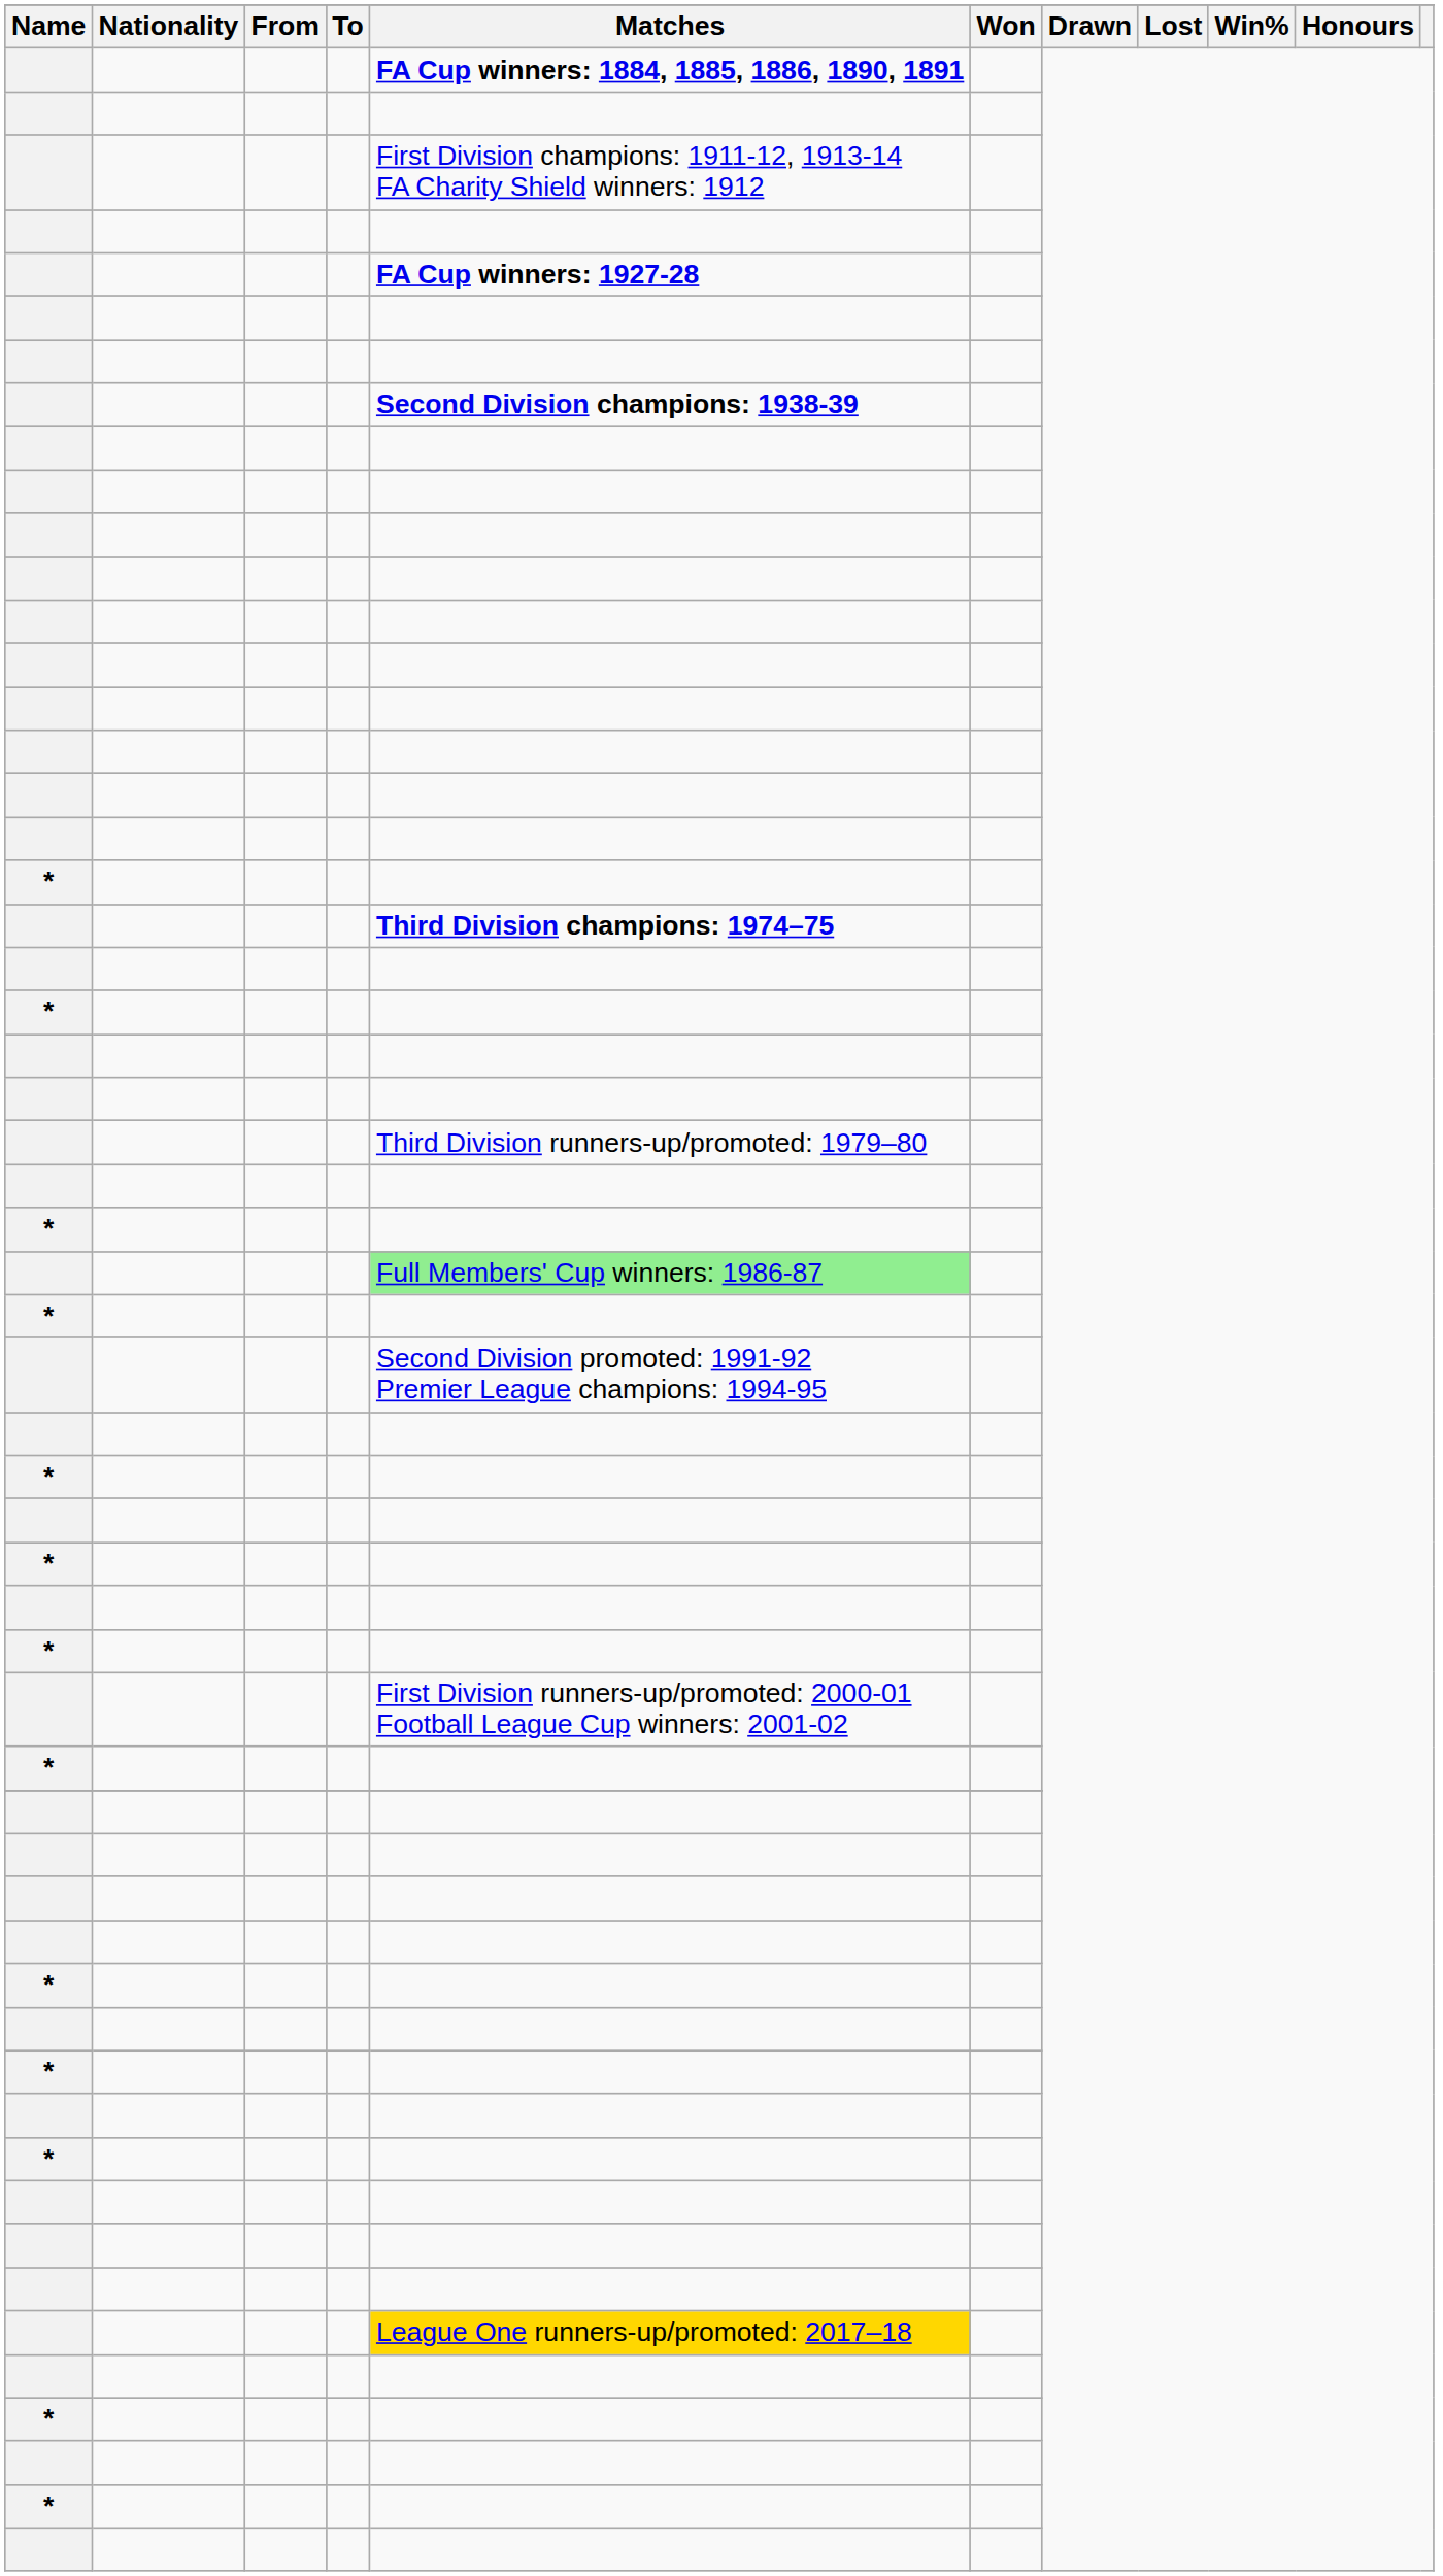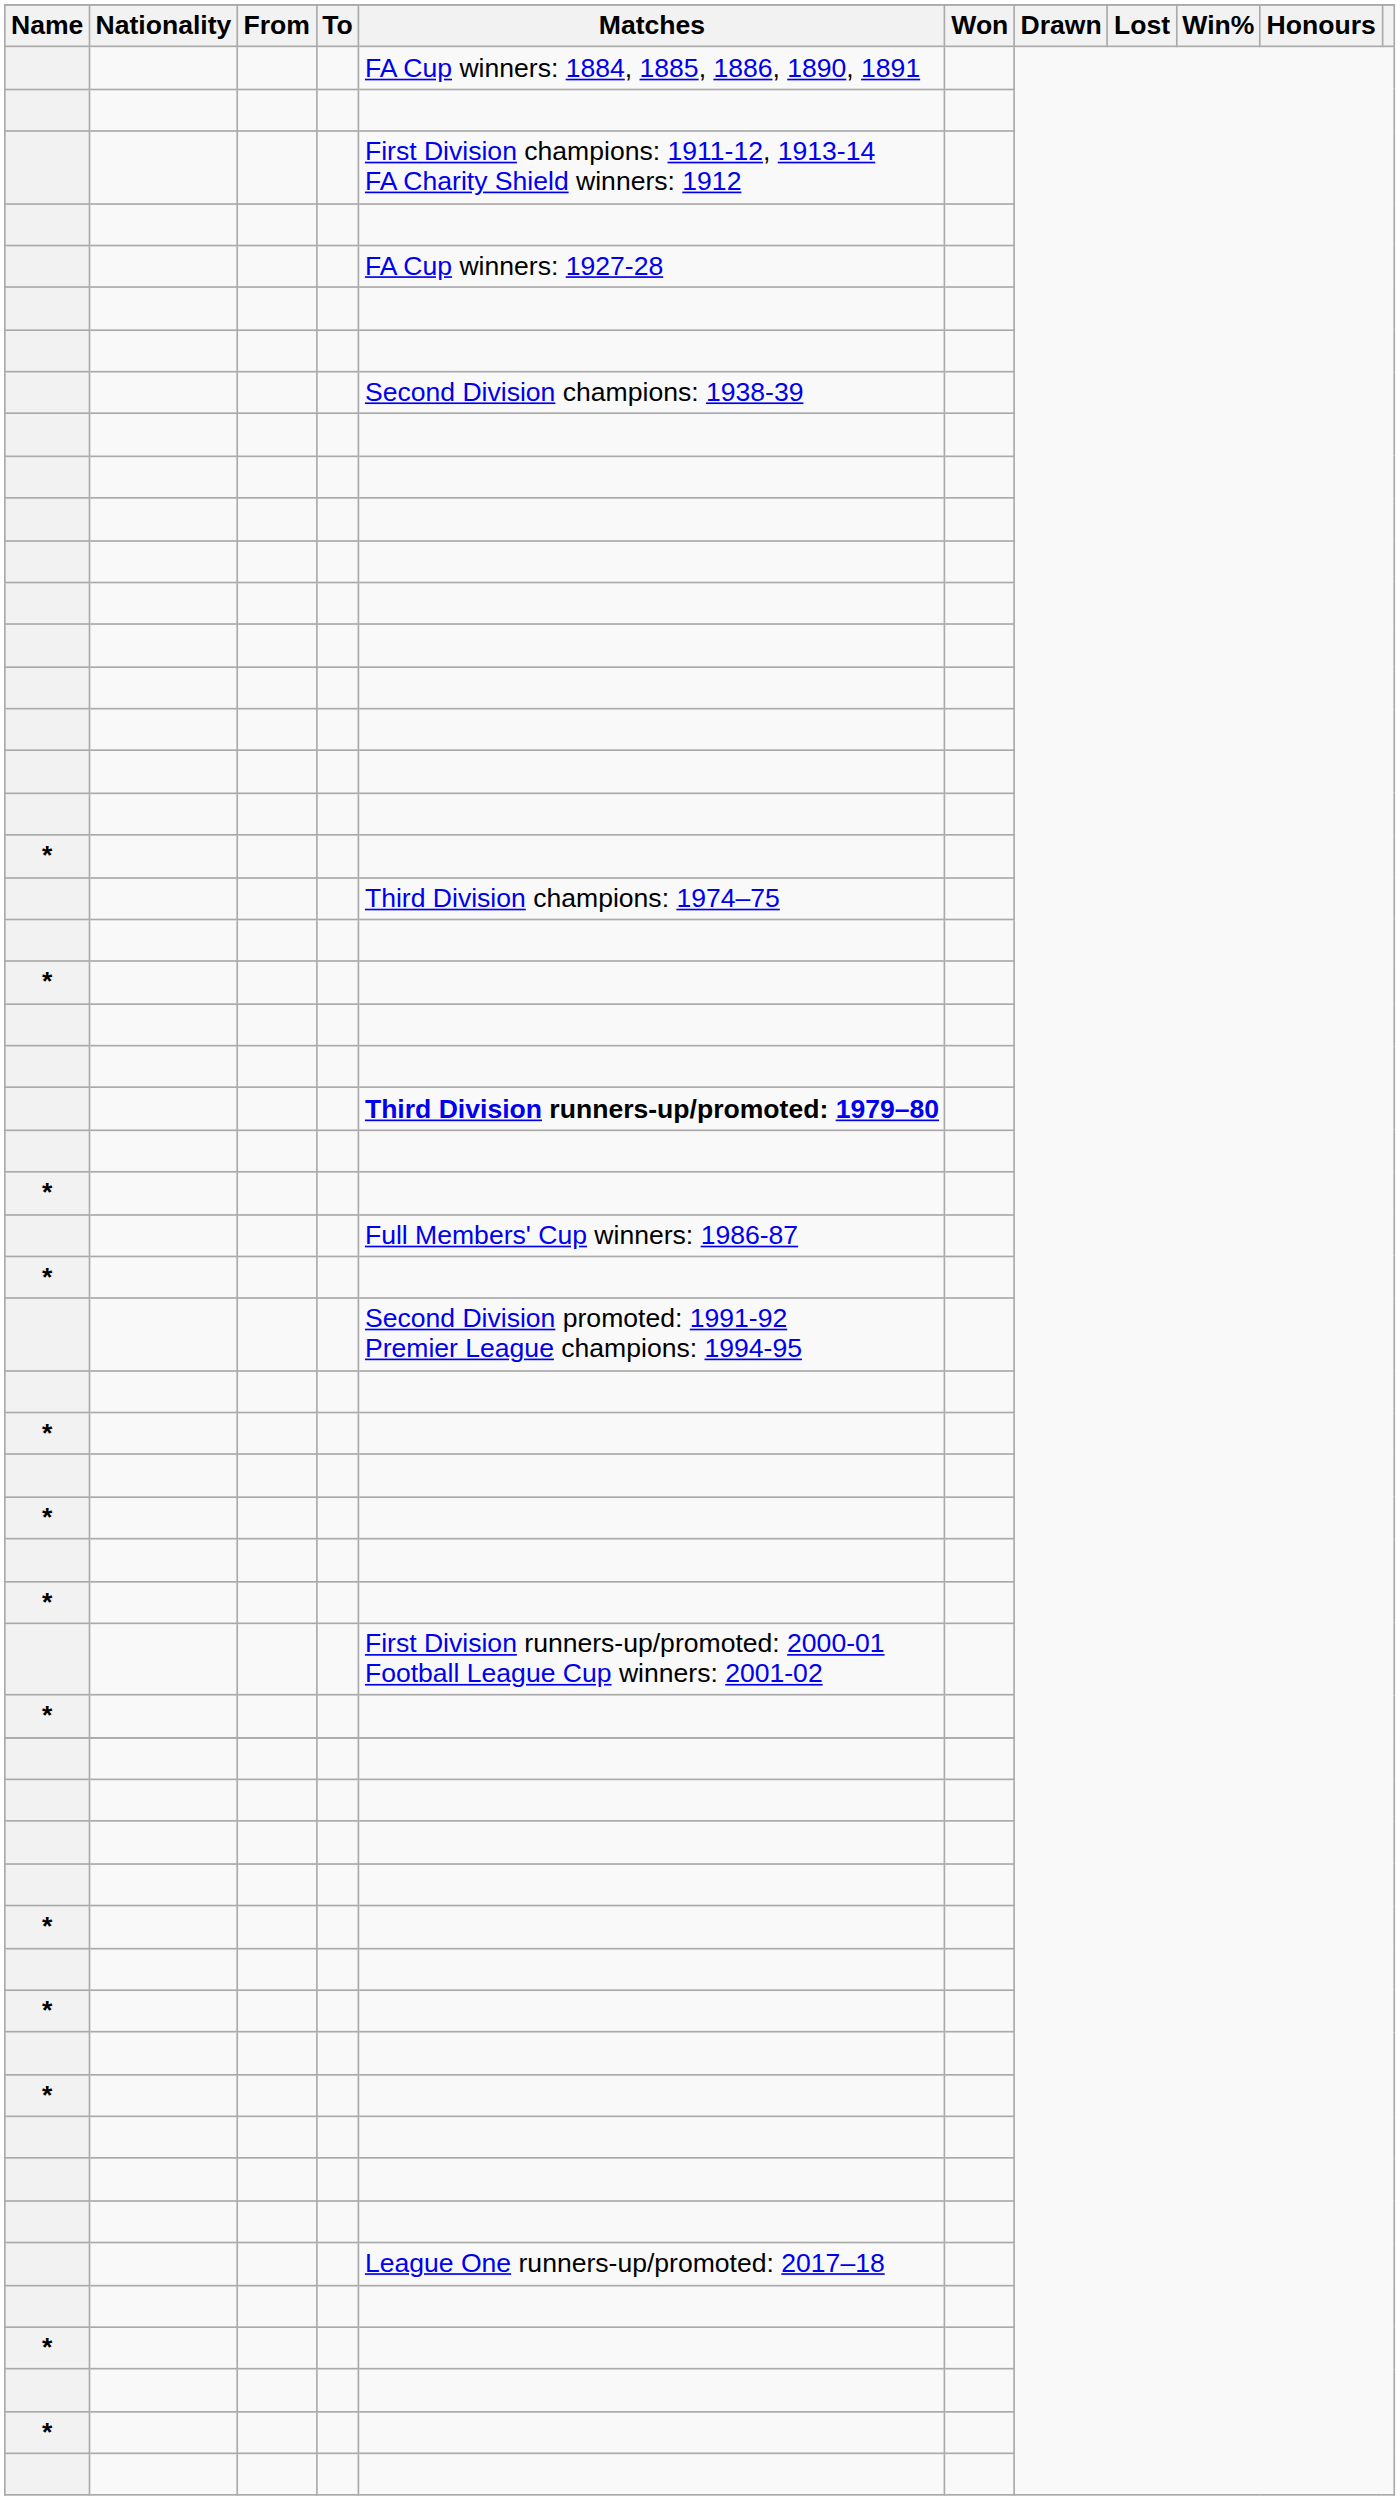 <table class="wikitable sortable plainrowheaders">
 <tr>
 </tr>
 <tr>
 <th scope="col">Name</th>
 <th scope="col">Nationality</th>
 <th scope="col">From</th>
 <th scope="col">To</th>
 <th scope="col">Matches</th>
 <th scope="col">Won</th>
 <th scope="col">Drawn</th>
 <th scope="col">Lost</th>
 <th scope="col">Win%</th>
 <th scope="col">Honours</th>
 <th scope="col" class="unsortable"></th>
 </tr>
 <tr>
 <th scope="row"></th>
 <td></td>
 <td></td>
 <td><br></td>
-<td><strong><a href='#'>FA Cup</a> winners: <a href='#'>1884</a>, <a href='#'>1885</a>, <a href='#'>1886</a>, <a href='#'>1890</a>, <a href='#'>1891</a></strong></td>
+<td><a href='#'>FA Cup</a> winners: <a href='#'>1884</a>, <a href='#'>1885</a>, <a href='#'>1886</a>, <a href='#'>1890</a>, <a href='#'>1891</a></td>
 <td></td>
 </tr>
 <tr>
 <th scope="row"></th>
 <td></td>
 <td></td>
 <td><br></td>
 <td></td>
 <td></td>
 </tr>
 <tr>
 <th scope="row"></th>
 <td></td>
 <td></td>
 <td><br></td>
 <td><a href='#'>First Division</a> champions: <a href='#'>1911-12</a>, <a href='#'>1913-14</a><br><a href='#'>FA Charity Shield</a> winners: <a href='#'>1912</a></td>
 <td></td>
 </tr>
 <tr>
 <th scope="row"></th>
 <td></td>
 <td></td>
 <td><br></td>
 <td></td>
 <td></td>
 </tr>
 <tr>
 <th scope="row"></th>
 <td></td>
 <td></td>
 <td><br></td>
-<td><strong><a href='#'>FA Cup</a> winners: <a href='#'>1927-28</a></strong></td>
+<td><a href='#'>FA Cup</a> winners: <a href='#'>1927-28</a></td>
 <td></td>
 </tr>
 <tr>
 <th scope="row"></th>
 <td></td>
 <td></td>
 <td><br></td>
 <td></td>
 <td></td>
 </tr>
 <tr>
 <th scope="row"></th>
 <td></td>
 <td></td>
 <td><br></td>
 <td></td>
 <td></td>
 </tr>
 <tr>
 <th scope="row"></th>
 <td></td>
 <td></td>
 <td><br></td>
-<td><strong><a href='#'>Second Division</a> champions: <a href='#'>1938-39</a></strong></td>
+<td><a href='#'>Second Division</a> champions: <a href='#'>1938-39</a></td>
 <td></td>
 </tr>
 <tr>
 <th scope="row"></th>
 <td></td>
 <td></td>
 <td><br></td>
 <td></td>
 <td></td>
 </tr>
 <tr>
 <th scope="row"></th>
 <td></td>
 <td></td>
 <td><br></td>
 <td></td>
 <td></td>
 </tr>
 <tr>
 <th scope="row"></th>
 <td></td>
 <td></td>
 <td><br></td>
 <td></td>
 <td></td>
 </tr>
 <tr>
 <th scope="row"></th>
 <td></td>
 <td></td>
 <td><br></td>
 <td></td>
 <td></td>
 </tr>
 <tr>
 <th scope="row"></th>
 <td></td>
 <td></td>
 <td><br></td>
 <td></td>
 <td></td>
 </tr>
 <tr>
 <th scope="row"></th>
 <td></td>
 <td></td>
 <td><br></td>
 <td></td>
 <td></td>
 </tr>
 <tr bbc football>
 <th scope="row"></th>
 <td></td>
 <td></td>
 <td><br></td>
 <td></td>
 <td></td>
 </tr>
 <tr>
 <th scope="row"></th>
 <td></td>
 <td></td>
 <td><br></td>
 <td></td>
 <td></td>
 </tr>
 <tr>
 <th scope="row"></th>
 <td></td>
 <td></td>
 <td><br></td>
 <td></td>
 <td></td>
 </tr>
 <tr>
 <th scope="row"></th>
 <td></td>
 <td></td>
 <td><br></td>
 <td></td>
 <td></td>
 </tr>
 <tr>
 <th scope="row"><em></em>*</th>
 <td></td>
 <td></td>
 <td><br></td>
 <td></td>
 <td></td>
 </tr>
 <tr>
 <th scope="row"></th>
 <td></td>
 <td></td>
 <td><br></td>
-<td><strong><a href='#'>Third Division</a> champions: <a href='#'>1974–75</a></strong></td>
+<td><a href='#'>Third Division</a> champions: <a href='#'>1974–75</a></td>
 <td></td>
 </tr>
 <tr>
 <th scope="row"></th>
 <td></td>
 <td></td>
 <td><br></td>
 <td></td>
 <td></td>
 </tr>
 <tr>
 <th scope="row"><em></em>*</th>
 <td></td>
 <td></td>
 <td><br></td>
 <td></td>
 <td></td>
 </tr>
 <tr>
 <th scope="row"></th>
 <td></td>
 <td></td>
 <td><br></td>
 <td></td>
 <td></td>
 </tr>
 <tr>
 <th scope="row"></th>
 <td></td>
 <td></td>
 <td><br></td>
 <td></td>
 <td></td>
 </tr>
 <tr>
 <th scope="row"></th>
 <td></td>
 <td></td>
 <td><br></td>
-<td><a href='#'>Third Division</a> runners-up/promoted: <a href='#'>1979–80</a></td>
+<td><strong><a href='#'>Third Division</a> runners-up/promoted: <a href='#'>1979–80</a></strong></td>
 <td></td>
 </tr>
 <tr>
 <th scope="row"></th>
 <td></td>
 <td></td>
 <td><br></td>
 <td></td>
 <td></td>
 </tr>
 <tr>
 <th scope="row"><em></em>*</th>
 <td></td>
 <td></td>
 <td><br></td>
 <td></td>
 <td></td>
 </tr>
 <tr>
 <th scope="row"></th>
 <td></td>
 <td></td>
 <td><br></td>
-<td style="background: lightgreen;"><a href='#'>Full Members' Cup</a> winners: <a href='#'>1986-87</a></td>
+<td><a href='#'>Full Members' Cup</a> winners: <a href='#'>1986-87</a></td>
 <td></td>
 </tr>
 <tr>
 <th scope="row"><em></em>*</th>
 <td></td>
 <td></td>
 <td><br></td>
 <td></td>
 <td></td>
 </tr>
 <tr>
 <th scope="row"></th>
 <td></td>
 <td></td>
 <td><br></td>
 <td><a href='#'>Second Division</a> promoted: <a href='#'>1991-92</a><br><a href='#'>Premier League</a> champions: <a href='#'>1994-95</a></td>
 <td></td>
 </tr>
 <tr>
 <th scope="row"></th>
 <td></td>
 <td></td>
 <td><br></td>
 <td></td>
 <td></td>
 </tr>
 <tr>
 <th scope="row"><em></em>*</th>
 <td></td>
 <td></td>
 <td><br></td>
 <td></td>
 <td></td>
 </tr>
 <tr>
 <th scope="row"></th>
 <td></td>
 <td></td>
 <td><br></td>
 <td></td>
 <td></td>
 </tr>
 <tr>
 <th scope="row"><em></em>*</th>
 <td></td>
 <td></td>
 <td><br></td>
 <td></td>
 <td></td>
 </tr>
 <tr>
 <th scope="row"></th>
 <td></td>
 <td></td>
 <td><br></td>
 <td></td>
 <td></td>
 </tr>
 <tr>
 <th scope="row"><em></em>*</th>
 <td></td>
 <td></td>
 <td><br></td>
 <td></td>
 <td></td>
 </tr>
 <tr>
 <th scope="row"></th>
 <td></td>
 <td></td>
 <td><br></td>
 <td><a href='#'>First Division</a> runners-up/promoted: <a href='#'>2000-01</a><br><a href='#'>Football League Cup</a> winners: <a href='#'>2001-02</a></td>
 <td></td>
 </tr>
 <tr>
 <th scope="row"><em></em>*</th>
 <td></td>
 <td></td>
 <td><br></td>
 <td></td>
 <td></td>
 </tr>
 <tr>
 </tr>
 <tr>
 <th scope="row"></th>
 <td></td>
 <td></td>
 <td><br></td>
 <td></td>
 <td></td>
 </tr>
 <tr>
 <th scope="row"></th>
 <td></td>
 <td></td>
 <td><br></td>
 <td></td>
 <td></td>
 </tr>
 <tr>
 <th scope="row"></th>
 <td></td>
 <td></td>
 <td><br></td>
 <td></td>
 <td></td>
 </tr>
 <tr>
 <th scope="row"></th>
 <td></td>
 <td></td>
 <td><br></td>
 <td></td>
 <td></td>
 </tr>
 <tr>
 <th scope="row"><em></em>*</th>
 <td></td>
 <td></td>
 <td><br></td>
 <td></td>
 <td></td>
 </tr>
 <tr>
 <th scope="row"></th>
 <td></td>
 <td></td>
 <td><br></td>
 <td></td>
 <td></td>
 </tr>
 <tr>
 <th scope="row"><em></em>*</th>
 <td></td>
 <td></td>
 <td><br></td>
 <td></td>
 <td></td>
 </tr>
 <tr>
 <th scope="row"></th>
 <td></td>
 <td></td>
 <td><br></td>
 <td></td>
 <td></td>
 </tr>
 <tr>
 <th scope="row"><em></em>*</th>
 <td></td>
 <td></td>
 <td><br></td>
 <td></td>
 <td></td>
 </tr>
 <tr>
 <th scope="row"></th>
 <td></td>
 <td></td>
 <td><br></td>
 <td></td>
 <td></td>
 </tr>
 <tr>
 <th scope="row"></th>
 <td></td>
 <td></td>
 <td><br></td>
 <td></td>
 <td></td>
 </tr>
 <tr>
 <th scope="row"></th>
 <td></td>
 <td></td>
 <td><br></td>
 <td></td>
 <td></td>
 </tr>
 <tr>
 <th scope="row"></th>
 <td></td>
 <td></td>
 <td><br></td>
-<td style="background: gold;"><a href='#'>League One</a> runners-up/promoted: <a href='#'>2017–18</a></td>
+<td><a href='#'>League One</a> runners-up/promoted: <a href='#'>2017–18</a></td>
 <td></td>
 </tr>
 <tr>
 <th scope="row"></th>
 <td></td>
 <td></td>
 <td><br></td>
 <td></td>
 <td></td>
 </tr>
 <tr>
 <th scope="row"><em></em>*</th>
 <td></td>
 <td></td>
 <td><br></td>
 <td></td>
 <td></td>
 </tr>
 <tr>
 <th scope="row"></th>
 <td></td>
 <td></td>
 <td><br></td>
 <td></td>
 <td></td>
 </tr>
 <tr>
 <th scope="row"><em></em>*</th>
 <td></td>
 <td></td>
 <td><br></td>
 <td></td>
 <td></td>
 </tr>
 <tr>
 <th scope="row"></th>
 <td></td>
 <td></td>
 <td><br></td>
 <td></td>
 <td></td>
 </tr>
 </table>
